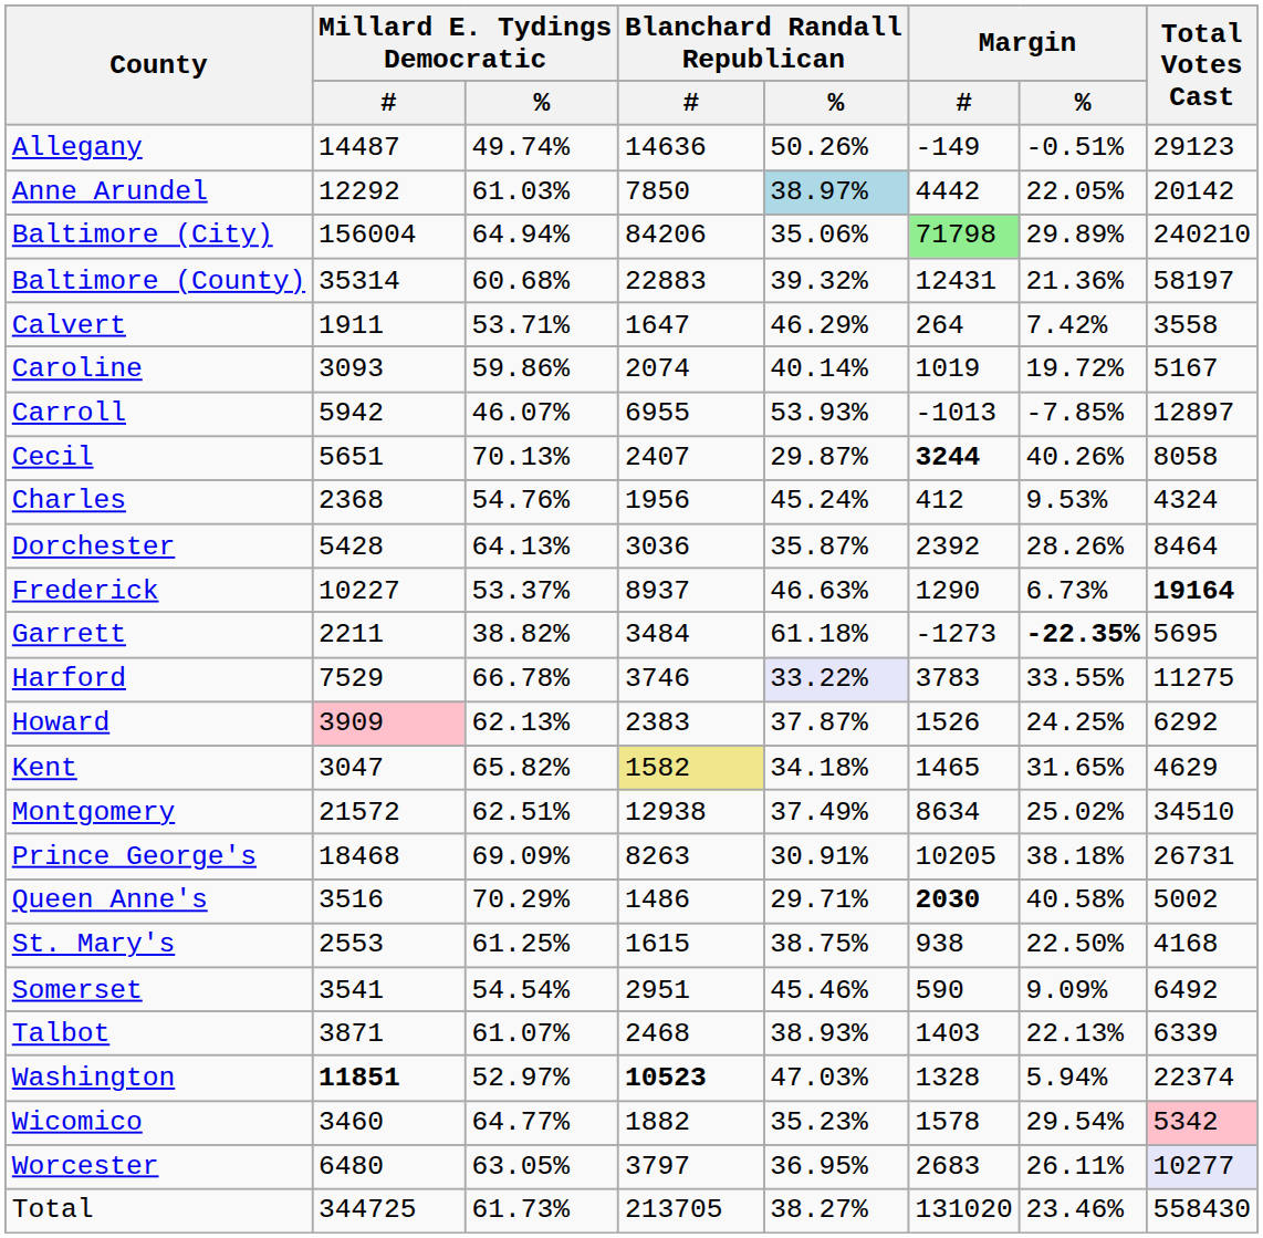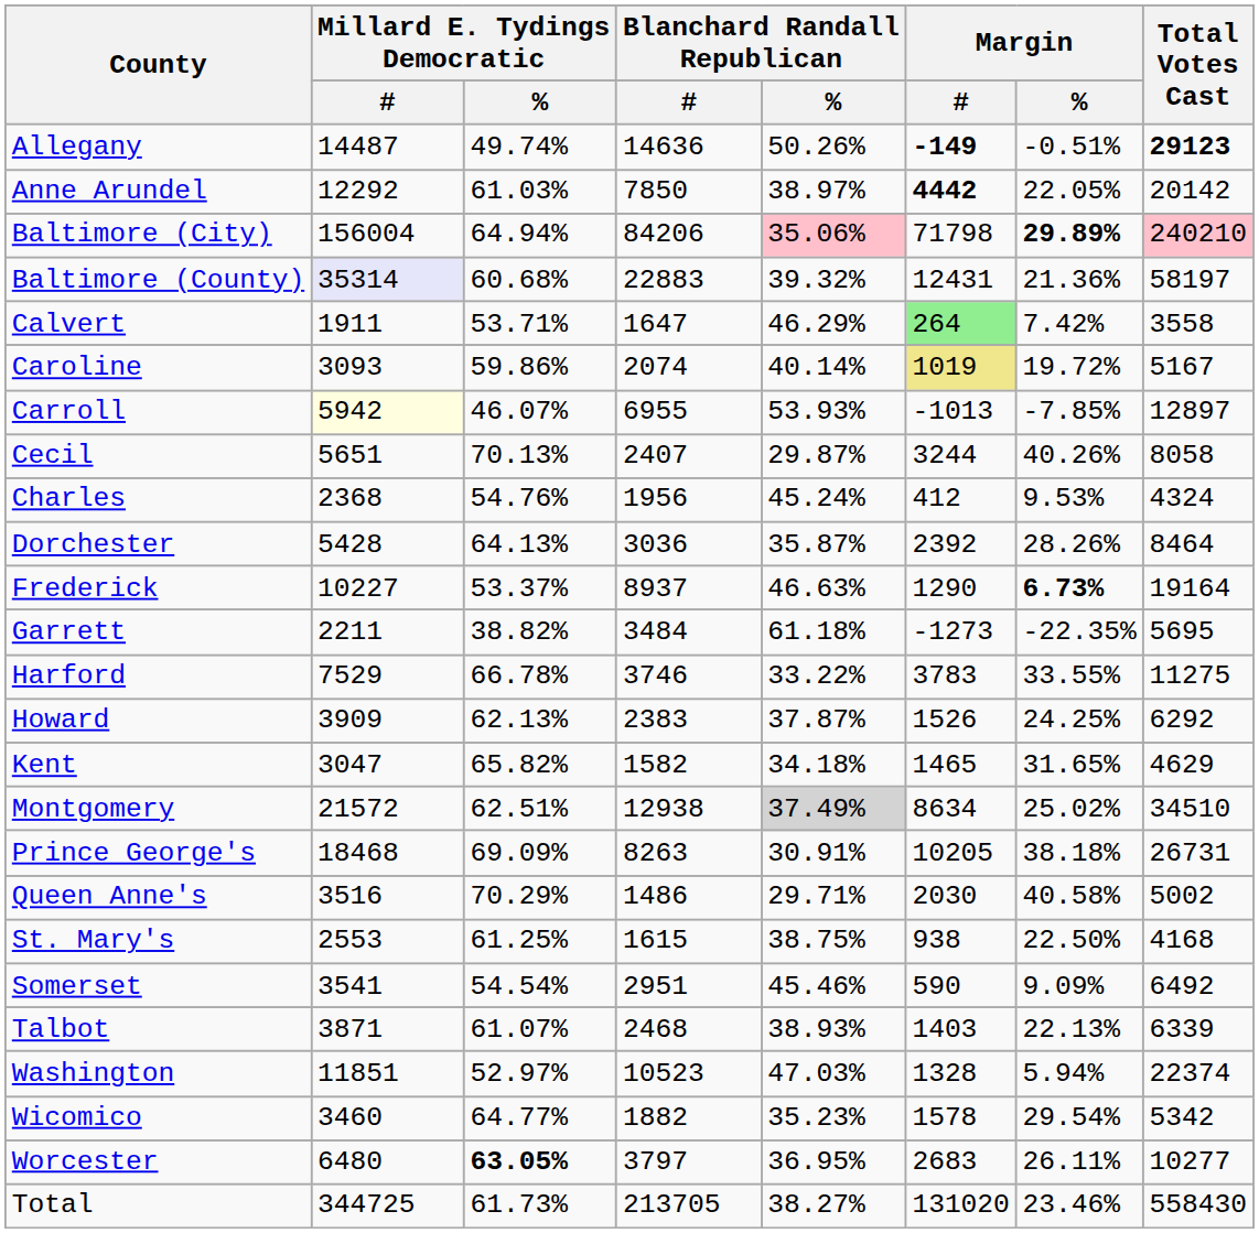 <table class="wikitable sortable">
 <tr>
 <th rowspan="2">County</th>
 <th colspan="2" >Millard E. Tydings<br>Democratic</th>
 <th colspan="2" >Blanchard Randall<br>Republican</th>
 <th colspan="2">Margin</th>
 <th rowspan="2">Total<br>Votes<br>Cast</th>
 </tr>
 <tr>
 <th>#</th>
 <th>%</th>
 <th>#</th>
 <th>%</th>
 <th>#</th>
 <th>%</th>
 </tr>
 <tr>
 <td><a href='#'>Allegany</a></td>
 <td>14487</td>
 <td>49.74%</td>
 <td>14636</td>
 <td>50.26%</td>
-<td>-149</td>
+<td><strong>-149</strong></td>
 <td>-0.51%</td>
-<td>29123</td>
+<td><strong>29123</strong></td>
 </tr>
 <tr>
 <td><a href='#'>Anne Arundel</a></td>
 <td>12292</td>
 <td>61.03%</td>
 <td>7850</td>
-<td style="background: lightblue;">38.97%</td>
-<td>4442</td>
+<td>38.97%</td>
+<td><strong>4442</strong></td>
 <td>22.05%</td>
 <td>20142</td>
 </tr>
 <tr>
 <td><a href='#'>Baltimore (City)</a></td>
 <td>156004</td>
 <td>64.94%</td>
 <td>84206</td>
-<td>35.06%</td>
-<td style="background: lightgreen;">71798</td>
-<td>29.89%</td>
-<td>240210</td>
+<td style="background: pink;">35.06%</td>
+<td>71798</td>
+<td><strong>29.89%</strong></td>
+<td style="background: pink;">240210</td>
 </tr>
 <tr>
 <td><a href='#'>Baltimore (County)</a></td>
-<td>35314</td>
+<td style="background: lavender;">35314</td>
 <td>60.68%</td>
 <td>22883</td>
 <td>39.32%</td>
 <td>12431</td>
 <td>21.36%</td>
 <td>58197</td>
 </tr>
 <tr>
 <td><a href='#'>Calvert</a></td>
 <td>1911</td>
 <td>53.71%</td>
 <td>1647</td>
 <td>46.29%</td>
-<td>264</td>
+<td style="background: lightgreen;">264</td>
 <td>7.42%</td>
 <td>3558</td>
 </tr>
 <tr>
 <td><a href='#'>Caroline</a></td>
 <td>3093</td>
 <td>59.86%</td>
 <td>2074</td>
 <td>40.14%</td>
-<td>1019</td>
+<td style="background: khaki;">1019</td>
 <td>19.72%</td>
 <td>5167</td>
 </tr>
 <tr>
 <td><a href='#'>Carroll</a></td>
-<td>5942</td>
+<td style="background: lightyellow;">5942</td>
 <td>46.07%</td>
 <td>6955</td>
 <td>53.93%</td>
 <td>-1013</td>
 <td>-7.85%</td>
 <td>12897</td>
 </tr>
 <tr>
 <td><a href='#'>Cecil</a></td>
 <td>5651</td>
 <td>70.13%</td>
 <td>2407</td>
 <td>29.87%</td>
-<td><strong>3244</strong></td>
+<td>3244</td>
 <td>40.26%</td>
 <td>8058</td>
 </tr>
 <tr>
 <td><a href='#'>Charles</a></td>
 <td>2368</td>
 <td>54.76%</td>
 <td>1956</td>
 <td>45.24%</td>
 <td>412</td>
 <td>9.53%</td>
 <td>4324</td>
 </tr>
 <tr>
 <td><a href='#'>Dorchester</a></td>
 <td>5428</td>
 <td>64.13%</td>
 <td>3036</td>
 <td>35.87%</td>
 <td>2392</td>
 <td>28.26%</td>
 <td>8464</td>
 </tr>
 <tr>
 <td><a href='#'>Frederick</a></td>
 <td>10227</td>
 <td>53.37%</td>
 <td>8937</td>
 <td>46.63%</td>
 <td>1290</td>
-<td>6.73%</td>
-<td><strong>19164</strong></td>
+<td><strong>6.73%</strong></td>
+<td>19164</td>
 </tr>
 <tr>
 <td><a href='#'>Garrett</a></td>
 <td>2211</td>
 <td>38.82%</td>
 <td>3484</td>
 <td>61.18%</td>
 <td>-1273</td>
-<td><strong>-22.35%</strong></td>
+<td>-22.35%</td>
 <td>5695</td>
 </tr>
 <tr>
 <td><a href='#'>Harford</a></td>
 <td>7529</td>
 <td>66.78%</td>
 <td>3746</td>
-<td style="background: lavender;">33.22%</td>
+<td>33.22%</td>
 <td>3783</td>
 <td>33.55%</td>
 <td>11275</td>
 </tr>
 <tr>
 <td><a href='#'>Howard</a></td>
-<td style="background: pink;">3909</td>
+<td>3909</td>
 <td>62.13%</td>
 <td>2383</td>
 <td>37.87%</td>
 <td>1526</td>
 <td>24.25%</td>
 <td>6292</td>
 </tr>
 <tr>
 <td><a href='#'>Kent</a></td>
 <td>3047</td>
 <td>65.82%</td>
-<td style="background: khaki;">1582</td>
+<td>1582</td>
 <td>34.18%</td>
 <td>1465</td>
 <td>31.65%</td>
 <td>4629</td>
 </tr>
 <tr>
 <td><a href='#'>Montgomery</a></td>
 <td>21572</td>
 <td>62.51%</td>
 <td>12938</td>
-<td>37.49%</td>
+<td style="background: lightgrey;">37.49%</td>
 <td>8634</td>
 <td>25.02%</td>
 <td>34510</td>
 </tr>
 <tr>
 <td><a href='#'>Prince George's</a></td>
 <td>18468</td>
 <td>69.09%</td>
 <td>8263</td>
 <td>30.91%</td>
 <td>10205</td>
 <td>38.18%</td>
 <td>26731</td>
 </tr>
 <tr>
 <td><a href='#'>Queen Anne's</a></td>
 <td>3516</td>
 <td>70.29%</td>
 <td>1486</td>
 <td>29.71%</td>
-<td><strong>2030</strong></td>
+<td>2030</td>
 <td>40.58%</td>
 <td>5002</td>
 </tr>
 <tr>
 <td><a href='#'>St. Mary's</a></td>
 <td>2553</td>
 <td>61.25%</td>
 <td>1615</td>
 <td>38.75%</td>
 <td>938</td>
 <td>22.50%</td>
 <td>4168</td>
 </tr>
 <tr>
 <td><a href='#'>Somerset</a></td>
 <td>3541</td>
 <td>54.54%</td>
 <td>2951</td>
 <td>45.46%</td>
 <td>590</td>
 <td>9.09%</td>
 <td>6492</td>
 </tr>
 <tr>
 <td><a href='#'>Talbot</a></td>
 <td>3871</td>
 <td>61.07%</td>
 <td>2468</td>
 <td>38.93%</td>
 <td>1403</td>
 <td>22.13%</td>
 <td>6339</td>
 </tr>
 <tr>
 <td><a href='#'>Washington</a></td>
-<td><strong>11851</strong></td>
+<td>11851</td>
 <td>52.97%</td>
-<td><strong>10523</strong></td>
+<td>10523</td>
 <td>47.03%</td>
 <td>1328</td>
 <td>5.94%</td>
 <td>22374</td>
 </tr>
 <tr>
 <td><a href='#'>Wicomico</a></td>
 <td>3460</td>
 <td>64.77%</td>
 <td>1882</td>
 <td>35.23%</td>
 <td>1578</td>
 <td>29.54%</td>
-<td style="background: pink;">5342</td>
+<td>5342</td>
 </tr>
 <tr>
 <td><a href='#'>Worcester</a></td>
 <td>6480</td>
-<td>63.05%</td>
+<td><strong>63.05%</strong></td>
 <td>3797</td>
 <td>36.95%</td>
 <td>2683</td>
 <td>26.11%</td>
-<td style="background: lavender;">10277</td>
+<td>10277</td>
 </tr>
 <tr>
 <td>Total</td>
 <td>344725</td>
 <td>61.73%</td>
 <td>213705</td>
 <td>38.27%</td>
 <td>131020</td>
 <td>23.46%</td>
 <td>558430</td>
 </tr>
 </table>
